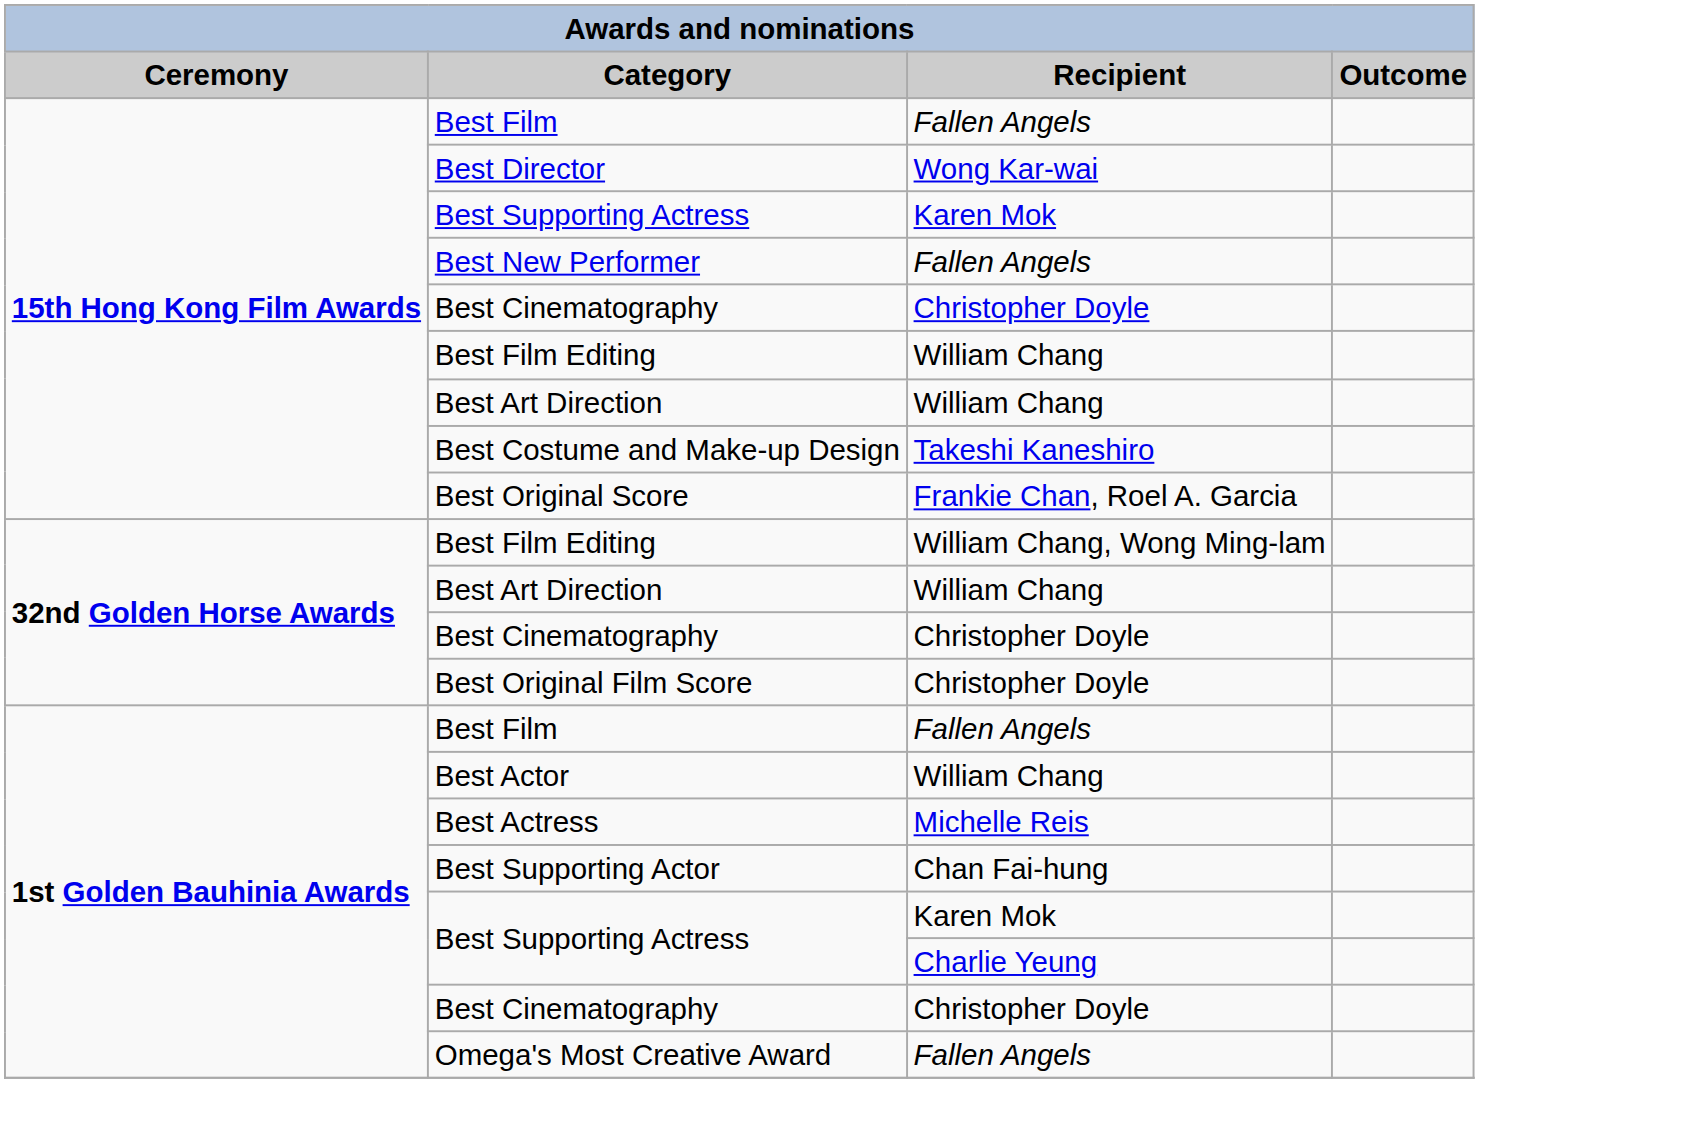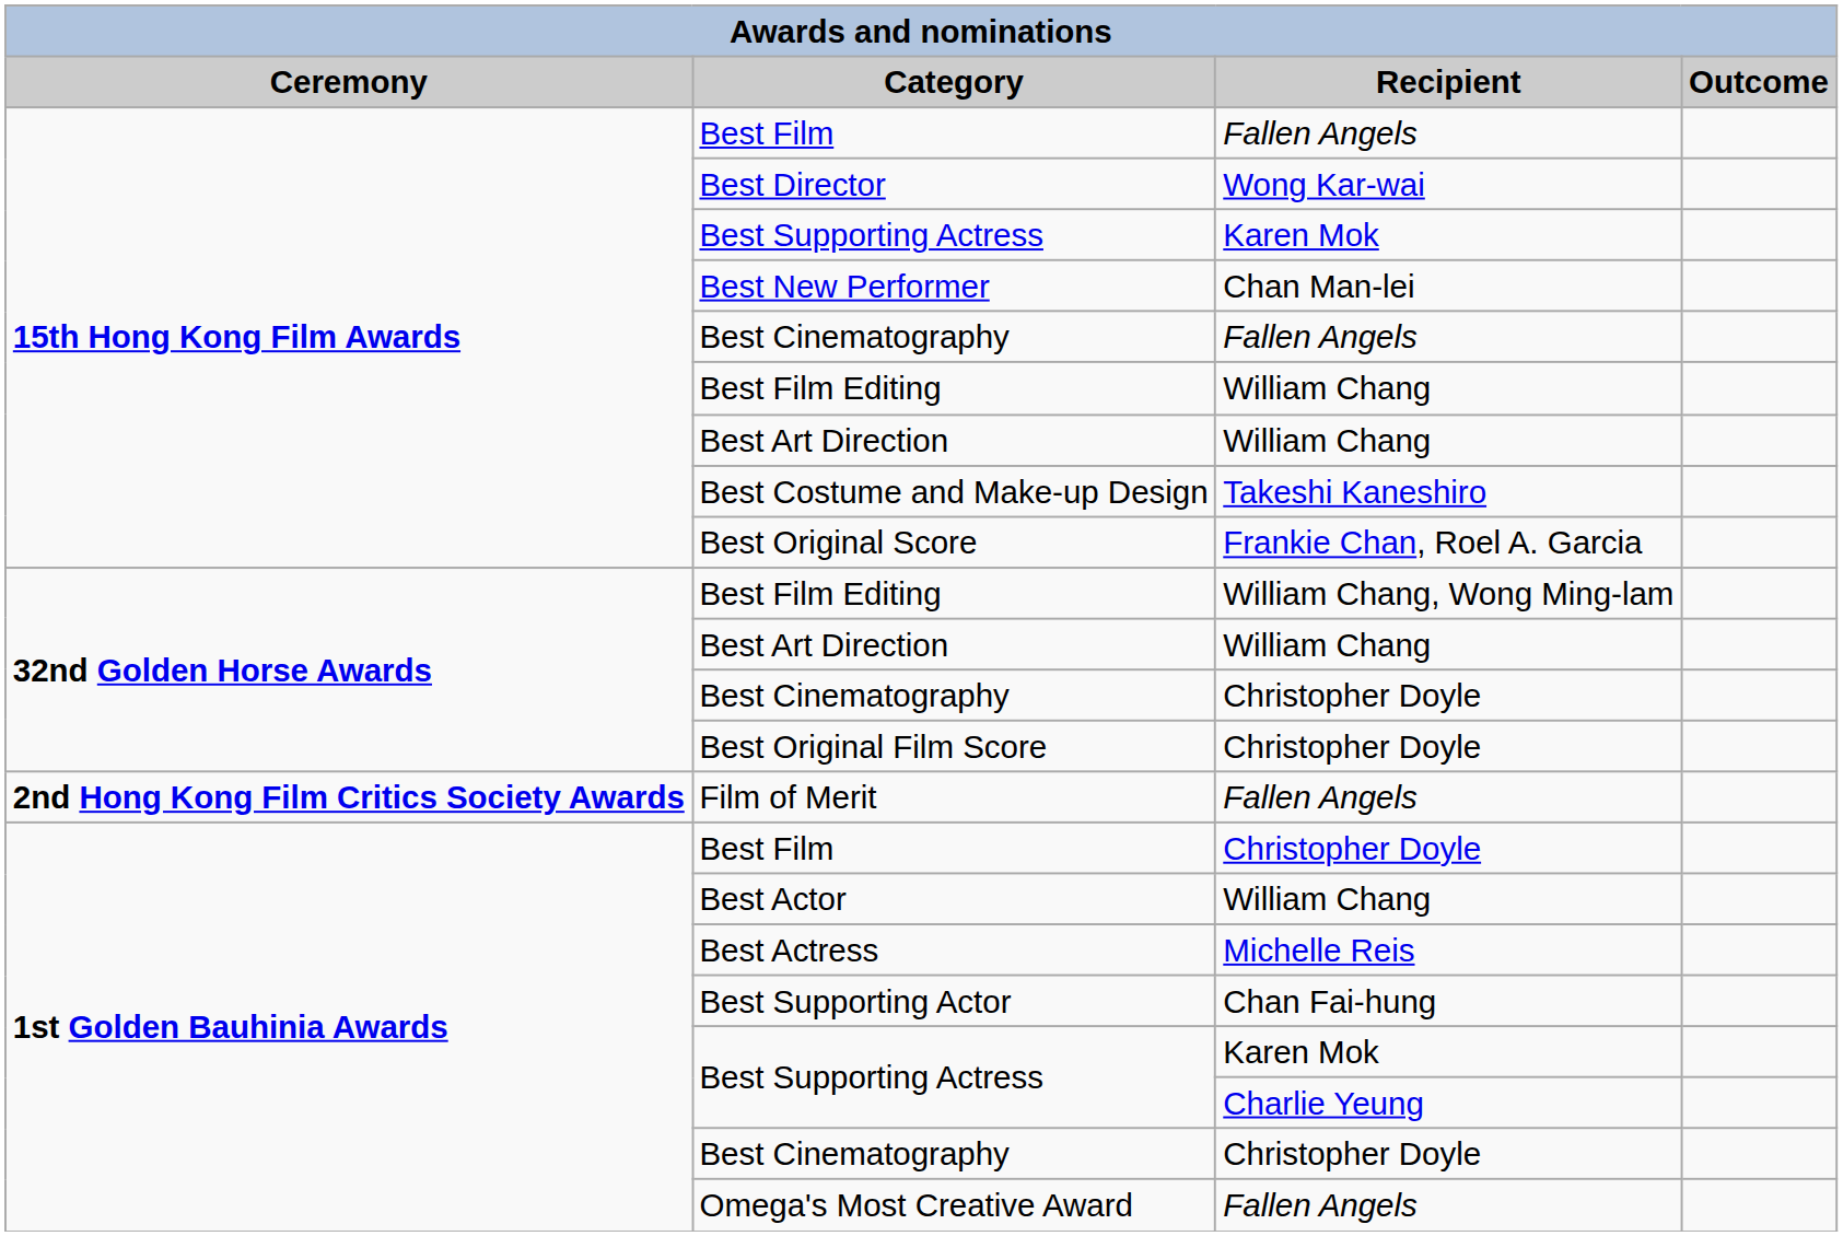 <table class="wikitable" style="font-size:95%;" ;>
 <tr style="background:#ccc; text-align:center;">
 <th colspan="4" style="background: LightSteelBlue;">Awards and nominations</th>
 </tr>
 <tr style="background:#ccc; text-align:center;">
 <th style="background:#ccc">Ceremony</th>
 <th style="background:#ccc">Category</th>
 <th style="background:#ccc">Recipient</th>
 <th style="background:#ccc">Outcome</th>
 </tr>
 <tr>
 <td rowspan=9><strong><a href='#'>15th Hong Kong Film Awards</a></strong></td>
 <td><a href='#'>Best Film</a></td>
 <td><em>Fallen Angels</em></td>
 <td></td>
 </tr>
 <tr>
 <td><a href='#'>Best Director</a></td>
 <td><a href='#'>Wong Kar-wai</a></td>
 <td></td>
 </tr>
 <tr>
 <td><a href='#'>Best Supporting Actress</a></td>
 <td><a href='#'>Karen Mok</a></td>
 <td></td>
 </tr>
 <tr>
 <td><a href='#'>Best New Performer</a></td>
-<td><em>Fallen Angels</em></td>
+<td>Chan Man-lei</td>
 <td></td>
 </tr>
 <tr>
 <td>Best Cinematography</td>
-<td><a href='#'>Christopher Doyle</a></td>
+<td><em>Fallen Angels</em></td>
 <td></td>
 </tr>
 <tr>
 <td>Best Film Editing</td>
 <td>William Chang</td>
 <td></td>
 </tr>
 <tr>
 <td>Best Art Direction</td>
 <td>William Chang</td>
 <td></td>
 </tr>
 <tr>
 <td>Best Costume and Make-up Design</td>
 <td><a href='#'>Takeshi Kaneshiro</a></td>
 <td></td>
 </tr>
 <tr>
 <td>Best Original Score</td>
 <td><a href='#'>Frankie Chan</a>, Roel A. Garcia</td>
 <td></td>
 </tr>
 <tr>
 <td rowspan=4><strong>32nd <a href='#'>Golden Horse Awards</a></strong></td>
 <td>Best Film Editing</td>
 <td>William Chang, Wong Ming-lam</td>
 <td></td>
 </tr>
 <tr>
 <td>Best Art Direction</td>
 <td>William Chang</td>
 <td></td>
 </tr>
 <tr>
 <td>Best Cinematography</td>
 <td>Christopher Doyle</td>
 <td></td>
 </tr>
 <tr>
 <td>Best Original Film Score</td>
 <td>Christopher Doyle</td>
 <td></td>
 </tr>
 <tr>
+<td><strong>2nd <a href='#'>Hong Kong Film Critics Society Awards</a></strong></td>
+<td>Film of Merit</td>
+<td><em>Fallen Angels</em></td>
+<td></td>
+</tr>
+<tr>
 <td rowspan=8><strong>1st <a href='#'>Golden Bauhinia Awards</a></strong></td>
 <td>Best Film</td>
-<td><em>Fallen Angels</em></td>
+<td><a href='#'>Christopher Doyle</a></td>
 <td></td>
 </tr>
 <tr>
 <td>Best Actor</td>
 <td>William Chang</td>
 <td></td>
 </tr>
 <tr>
 <td>Best Actress</td>
 <td><a href='#'>Michelle Reis</a></td>
 <td></td>
 </tr>
 <tr>
 <td>Best Supporting Actor</td>
 <td>Chan Fai-hung</td>
 <td></td>
 </tr>
 <tr>
 <td rowspan=2>Best Supporting Actress</td>
 <td>Karen Mok</td>
 <td></td>
 </tr>
 <tr>
 <td><a href='#'>Charlie Yeung</a></td>
 <td></td>
 </tr>
 <tr>
 <td>Best Cinematography</td>
 <td>Christopher Doyle</td>
 <td></td>
 </tr>
 <tr>
 <td>Omega's Most Creative Award</td>
 <td><em>Fallen Angels</em></td>
 <td></td>
 </tr>
 <tr>
 </tr>
 </table>
